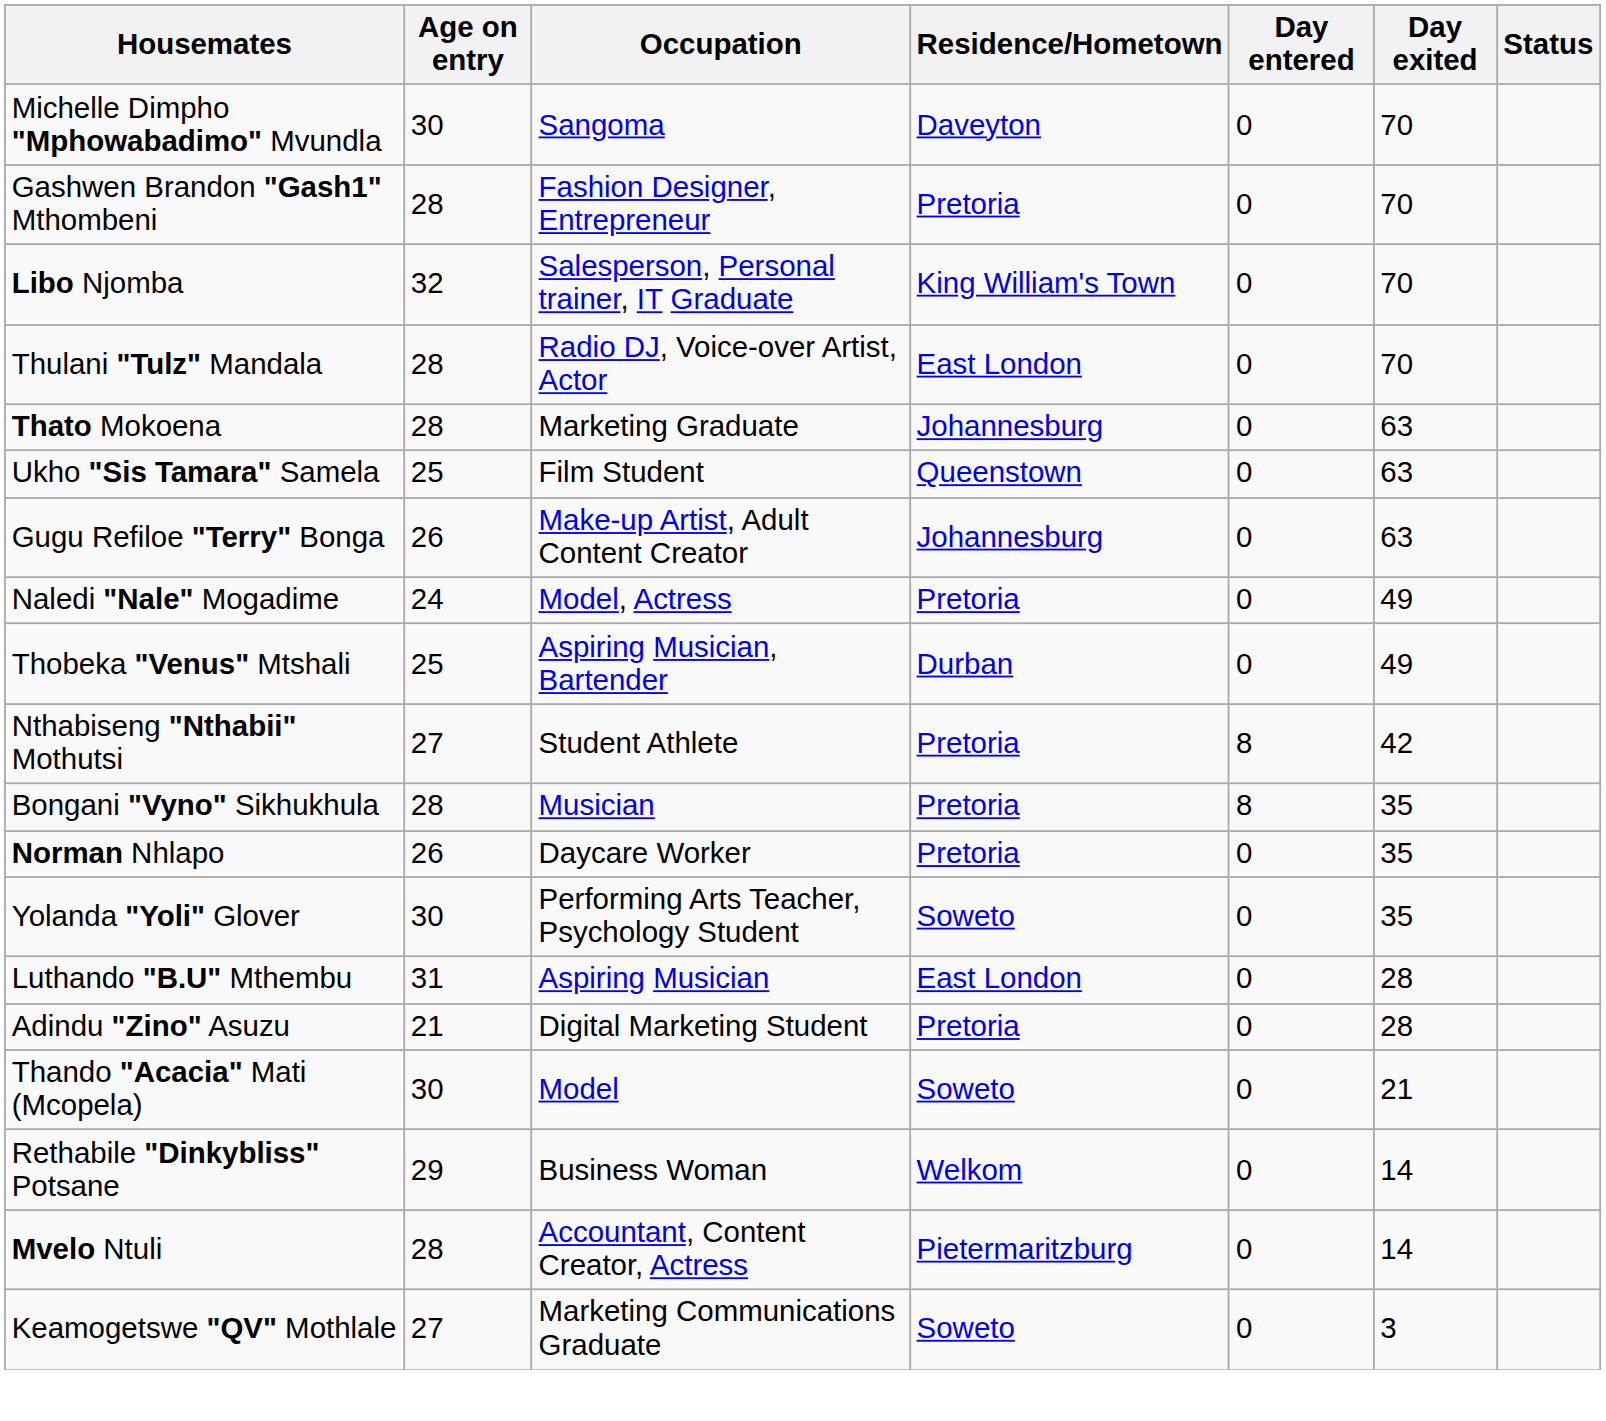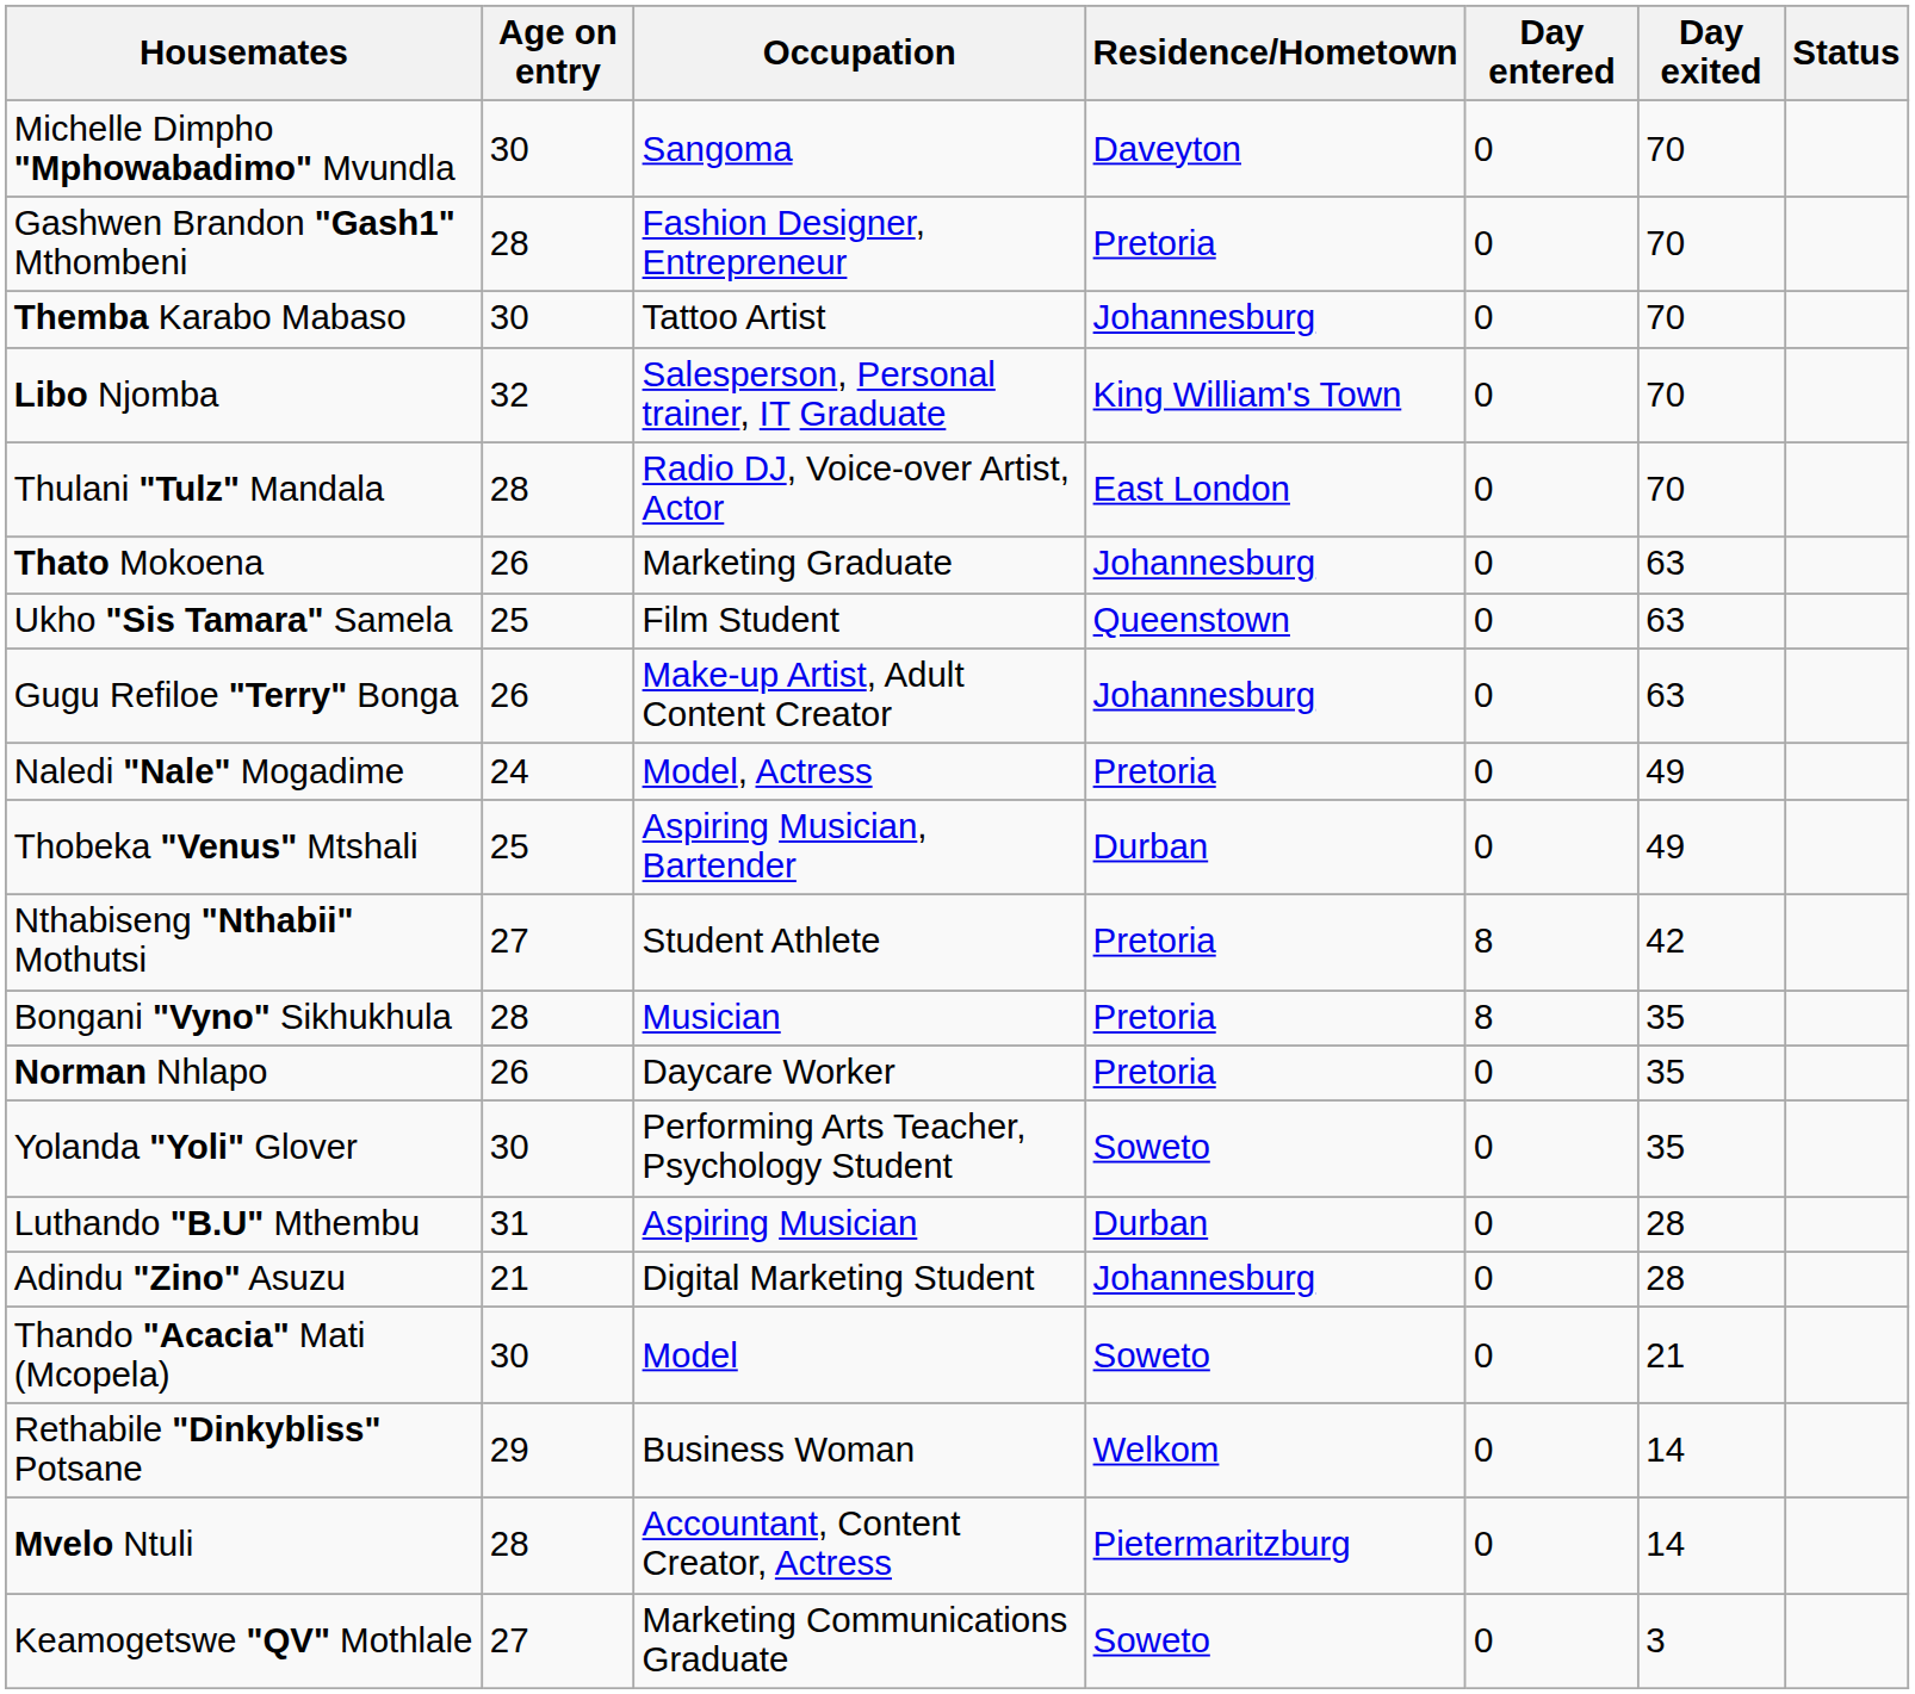 <table class="wikitable" style="text-aligntext-align:center;">
 <tr>
 <th>Housemates</th>
 <th>Age on entry </th>
 <th>Occupation</th>
 <th>Residence/Hometown</th>
 <th>Day entered</th>
 <th>Day exited</th>
 <th>Status</th>
 </tr>
 <tr>
 <td>Michelle Dimpho <strong>"Mphowabadimo"</strong> Mvundla</td>
 <td>30</td>
 <td><a href='#'>Sangoma</a></td>
 <td><a href='#'>Daveyton</a></td>
 <td>0</td>
 <td>70</td>
 <td></td>
 </tr>
 <tr>
 <td>Gashwen Brandon <strong>"Gash1"</strong> Mthombeni</td>
 <td>28</td>
 <td><a href='#'>Fashion Designer</a>, <a href='#'>Entrepreneur</a></td>
 <td><a href='#'>Pretoria</a></td>
 <td>0</td>
 <td>70</td>
 <td></td>
 </tr>
 <tr>
+<td><strong>Themba</strong> Karabo Mabaso</td>
+<td>30</td>
+<td>Tattoo Artist</td>
+<td><a href='#'>Johannesburg</a></td>
+<td>0</td>
+<td>70</td>
+<td></td>
+</tr>
+<tr>
 <td><strong>Libo</strong> Njomba</td>
 <td>32</td>
 <td><a href='#'>Salesperson</a>, <a href='#'>Personal trainer</a>, <a href='#'>IT</a> <a href='#'>Graduate</a></td>
 <td><a href='#'>King William's Town</a></td>
 <td>0</td>
 <td>70</td>
 <td></td>
 </tr>
 <tr>
 <td>Thulani <strong>"Tulz"</strong> Mandala</td>
 <td>28</td>
 <td><a href='#'>Radio DJ</a>, Voice-over Artist, <a href='#'>Actor</a></td>
 <td><a href='#'>East London</a></td>
 <td>0</td>
 <td>70</td>
 <td></td>
 </tr>
 <tr>
 <td><strong>Thato</strong> Mokoena</td>
-<td>28</td>
+<td>26</td>
 <td>Marketing Graduate</td>
 <td><a href='#'>Johannesburg</a></td>
 <td>0</td>
 <td>63</td>
 <td></td>
 </tr>
 <tr>
 <td>Ukho <strong>"Sis Tamara"</strong> Samela</td>
 <td>25</td>
 <td>Film Student</td>
 <td><a href='#'>Queenstown</a></td>
 <td>0</td>
 <td>63</td>
 <td></td>
 </tr>
 <tr>
 <td>Gugu Refiloe <strong>"Terry"</strong> Bonga</td>
 <td>26</td>
 <td><a href='#'>Make-up Artist</a>, Adult Content Creator</td>
 <td><a href='#'>Johannesburg</a></td>
 <td>0</td>
 <td>63</td>
 <td></td>
 </tr>
 <tr>
 <td>Naledi <strong>"Nale"</strong> Mogadime</td>
 <td>24</td>
 <td><a href='#'>Model</a>, <a href='#'>Actress</a></td>
 <td><a href='#'>Pretoria</a></td>
 <td>0</td>
 <td>49</td>
 <td></td>
 </tr>
 <tr>
 <td>Thobeka <strong>"Venus"</strong> Mtshali</td>
 <td>25</td>
 <td><a href='#'>Aspiring</a> <a href='#'>Musician</a>, <a href='#'>Bartender</a></td>
 <td><a href='#'>Durban</a></td>
 <td>0</td>
 <td>49</td>
 <td></td>
 </tr>
 <tr>
 <td>Nthabiseng <strong>"Nthabii"</strong> Mothutsi</td>
 <td>27</td>
 <td>Student Athlete</td>
 <td><a href='#'>Pretoria</a></td>
 <td>8</td>
 <td>42</td>
 <td></td>
 </tr>
 <tr>
 <td>Bongani <strong>"Vyno"</strong> Sikhukhula</td>
 <td>28</td>
 <td><a href='#'>Musician</a></td>
 <td><a href='#'>Pretoria</a></td>
 <td>8</td>
 <td>35</td>
 <td></td>
 </tr>
 <tr>
 <td><strong>Norman</strong> Nhlapo</td>
 <td>26</td>
 <td>Daycare Worker</td>
 <td><a href='#'>Pretoria</a></td>
 <td>0</td>
 <td>35</td>
 <td></td>
 </tr>
 <tr>
 <td>Yolanda <strong>"Yoli"</strong> Glover</td>
 <td>30</td>
 <td>Performing Arts Teacher, Psychology Student</td>
 <td><a href='#'>Soweto</a></td>
 <td>0</td>
 <td>35</td>
 <td></td>
 </tr>
 <tr>
 <td>Luthando <strong>"B.U"</strong> Mthembu</td>
 <td>31</td>
 <td><a href='#'>Aspiring</a> <a href='#'>Musician</a></td>
-<td><a href='#'>East London</a></td>
+<td><a href='#'>Durban</a></td>
 <td>0</td>
 <td>28</td>
 <td></td>
 </tr>
 <tr>
 <td>Adindu <strong>"Zino"</strong> Asuzu</td>
 <td>21</td>
 <td>Digital Marketing Student</td>
-<td><a href='#'>Pretoria</a></td>
+<td><a href='#'>Johannesburg</a></td>
 <td>0</td>
 <td>28</td>
 <td></td>
 </tr>
 <tr>
 <td>Thando <strong>"Acacia"</strong> Mati (Mcopela)</td>
 <td>30</td>
 <td><a href='#'>Model</a></td>
 <td><a href='#'>Soweto</a></td>
 <td>0</td>
 <td>21</td>
 <td></td>
 </tr>
 <tr>
 <td>Rethabile <strong>"Dinkybliss"</strong> Potsane</td>
 <td>29</td>
 <td>Business Woman</td>
 <td><a href='#'>Welkom</a></td>
 <td>0</td>
 <td>14</td>
 <td></td>
 </tr>
 <tr>
 <td><strong>Mvelo</strong> Ntuli</td>
 <td>28</td>
 <td><a href='#'>Accountant</a>, Content Creator, <a href='#'>Actress</a></td>
 <td><a href='#'>Pietermaritzburg</a></td>
 <td>0</td>
 <td>14</td>
 <td></td>
 </tr>
 <tr>
 <td>Keamogetswe <strong>"QV"</strong> Mothlale</td>
 <td>27</td>
 <td>Marketing Communications Graduate</td>
 <td><a href='#'>Soweto</a></td>
 <td>0</td>
 <td>3</td>
 <td></td>
 </tr>
 </table>
